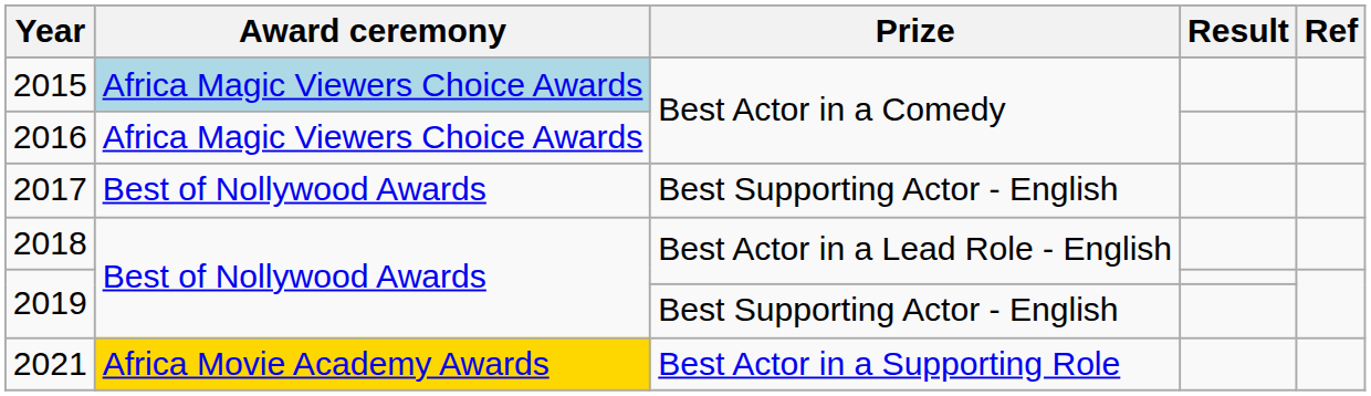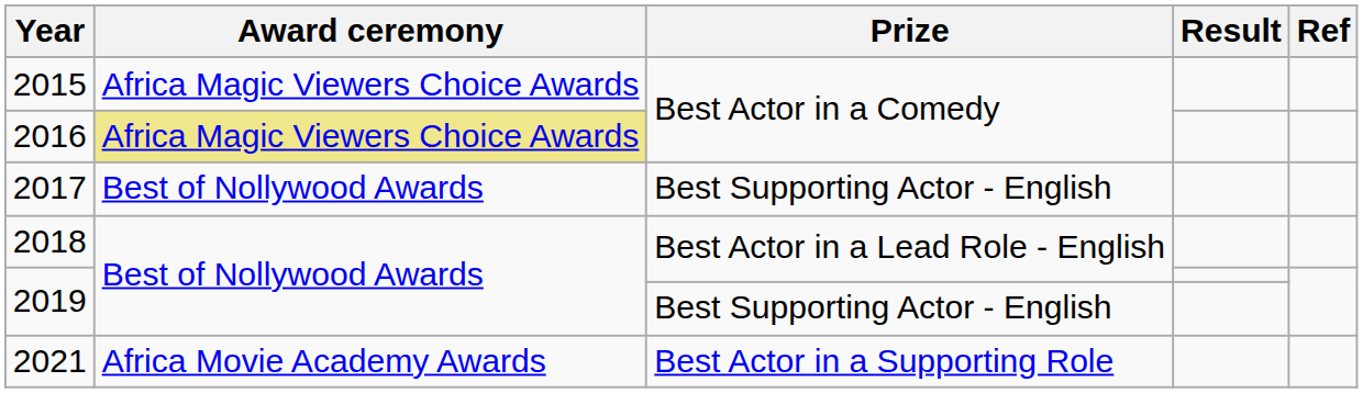 <table class ="wikitable">
 <tr>
 <th>Year</th>
 <th>Award ceremony</th>
 <th>Prize</th>
 <th>Result</th>
 <th>Ref</th>
 </tr>
 <tr>
 <td>2015</td>
-<td style="background: lightblue;"><a href='#'>Africa Magic Viewers Choice Awards</a></td>
+<td><a href='#'>Africa Magic Viewers Choice Awards</a></td>
 <td rowspan="2">Best Actor in a Comedy</td>
 <td></td>
 <td></td>
 </tr>
 <tr>
 <td>2016</td>
-<td><a href='#'>Africa Magic Viewers Choice Awards</a></td>
+<td style="background: khaki;"><a href='#'>Africa Magic Viewers Choice Awards</a></td>
 <td></td>
 <td></td>
 </tr>
 <tr>
 <td>2017</td>
 <td><a href='#'>Best of Nollywood Awards</a></td>
 <td>Best Supporting Actor - English</td>
 <td></td>
 <td></td>
 </tr>
 <tr>
 <td>2018</td>
 <td rowspan="3"><a href='#'>Best of Nollywood Awards</a></td>
 <td rowspan="2">Best Actor in a Lead Role - English</td>
 <td></td>
 <td></td>
 </tr>
 <tr>
 <td rowspan="2">2019</td>
 <td></td>
 <td rowspan="2"></td>
 </tr>
 <tr>
 <td>Best Supporting Actor - English</td>
 <td></td>
 </tr>
 <tr>
 <td>2021</td>
-<td style="background: gold;"><a href='#'>Africa Movie Academy Awards</a></td>
+<td><a href='#'>Africa Movie Academy Awards</a></td>
 <td><a href='#'>Best Actor in a Supporting Role</a></td>
 <td></td>
 <td></td>
 </tr>
 </table>
